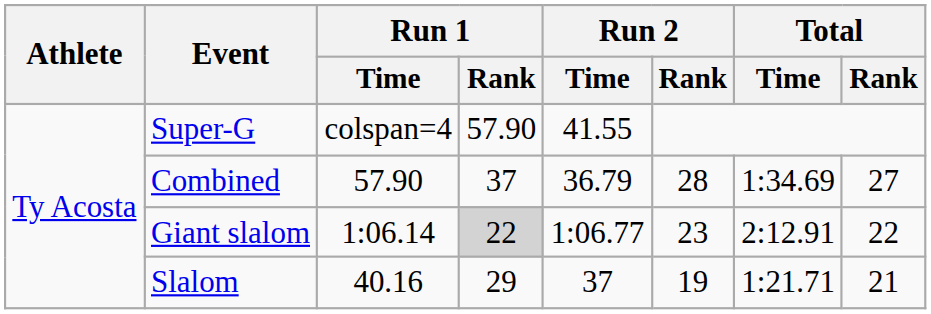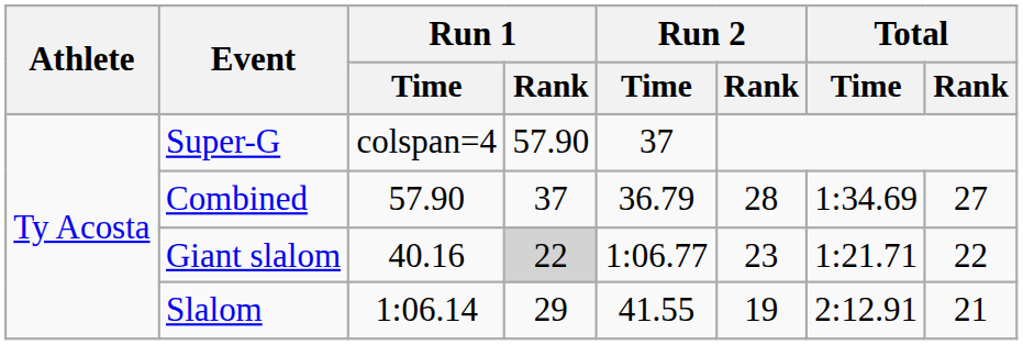 <table class="wikitable" style="font-size:90%">
 <tr>
 <th rowspan=2>Athlete</th>
 <th rowspan=2>Event</th>
 <th colspan=2>Run 1</th>
 <th colspan=2>Run 2</th>
 <th colspan=2>Total</th>
 </tr>
 <tr style="font-size:95%">
 <th>Time</th>
 <th>Rank</th>
 <th>Time</th>
 <th>Rank</th>
 <th>Time</th>
 <th>Rank</th>
 </tr>
 <tr align=center>
 <td align="left" rowspan="4"><a href='#'>Ty Acosta</a></td>
 <td align="left"><a href='#'>Super-G</a></td>
 <td>colspan=4</td>
 <td>57.90</td>
-<td>41.55</td>
+<td>37</td>
 </tr>
 <tr align=center>
 <td align="left"><a href='#'>Combined</a></td>
 <td>57.90</td>
 <td>37</td>
 <td>36.79</td>
 <td>28</td>
 <td>1:34.69</td>
 <td>27</td>
 </tr>
 <tr align=center>
 <td align="left"><a href='#'>Giant slalom</a></td>
-<td>1:06.14</td>
+<td>40.16</td>
 <td style="background: lightgrey;">22</td>
 <td>1:06.77</td>
 <td>23</td>
-<td>2:12.91</td>
+<td>1:21.71</td>
 <td>22</td>
 </tr>
 <tr align=center>
 <td align="left"><a href='#'>Slalom</a></td>
-<td>40.16</td>
+<td>1:06.14</td>
 <td>29</td>
-<td>37</td>
+<td>41.55</td>
 <td>19</td>
-<td>1:21.71</td>
+<td>2:12.91</td>
 <td>21</td>
 </tr>
 </table>
